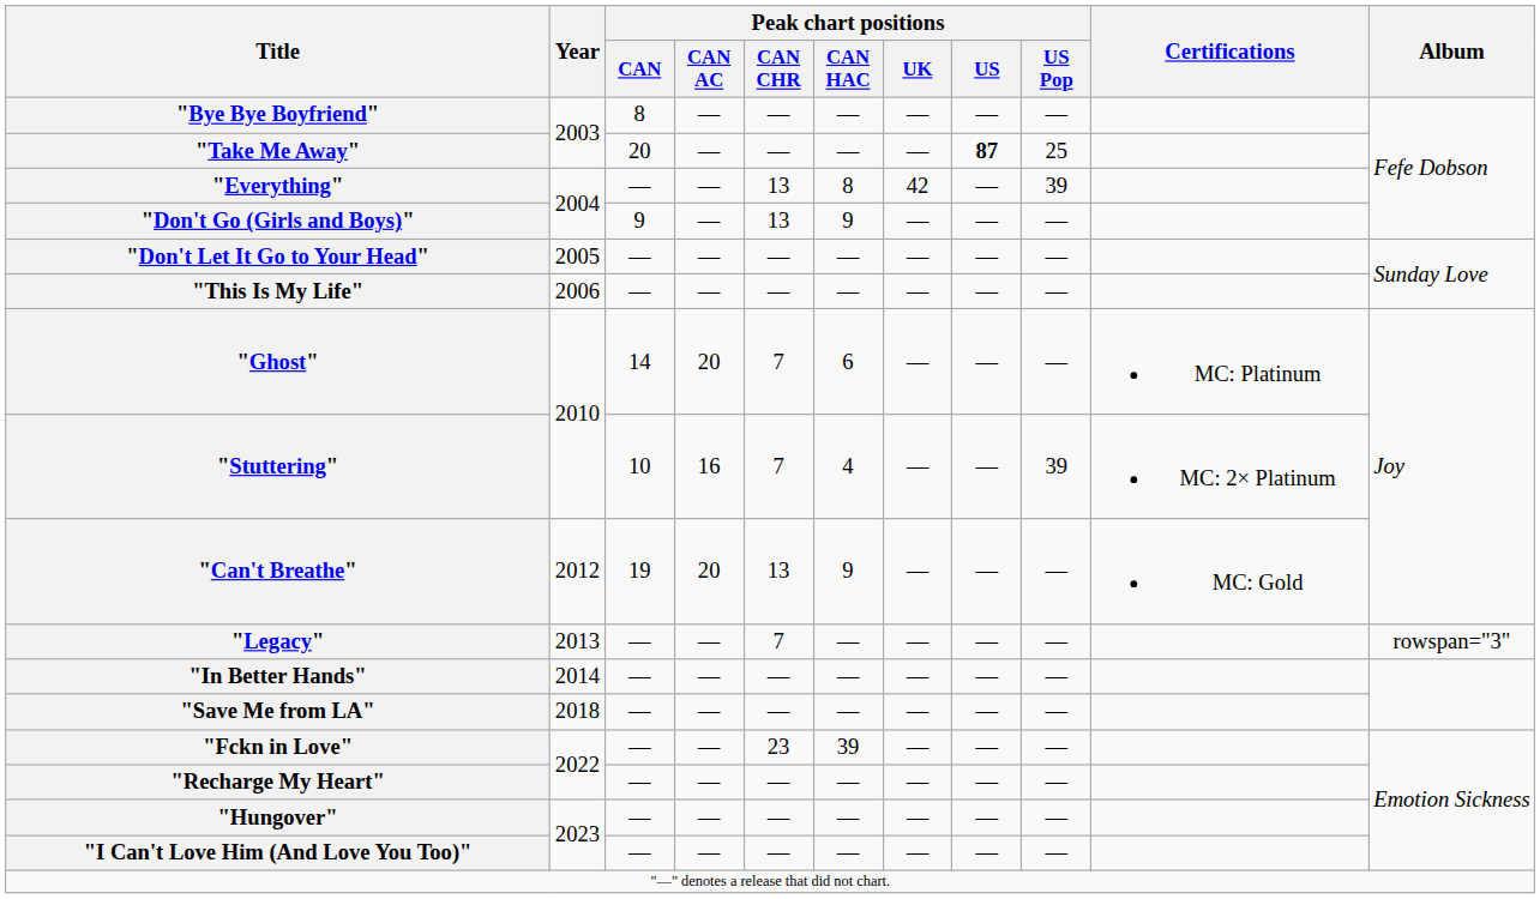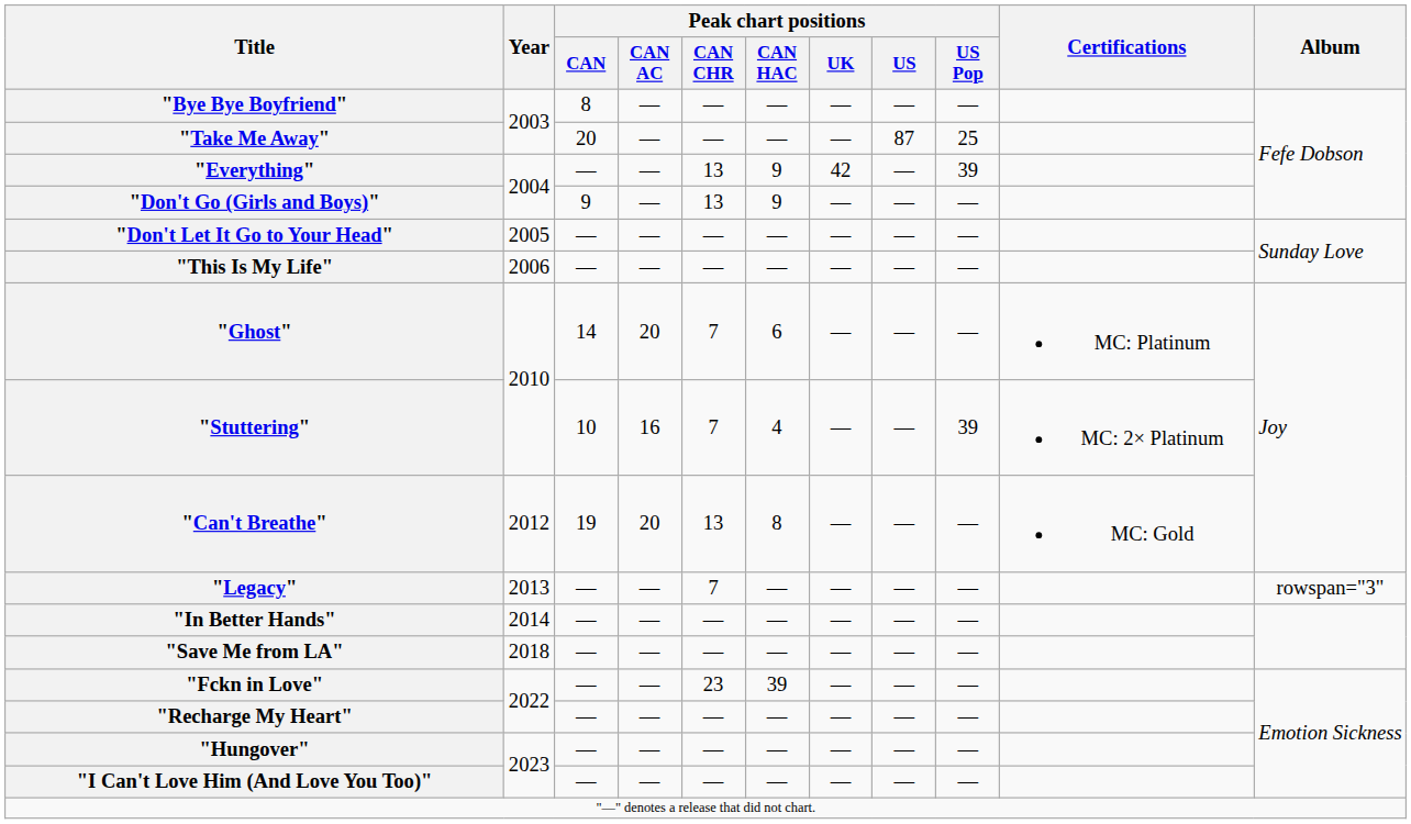 <table class="wikitable plainrowheaders" style="text-align:center;">
 <tr>
 <th scope="col" rowspan="2" style="width:24em;">Title</th>
 <th scope="col" rowspan="2">Year</th>
 <th scope="col" colspan="7">Peak chart positions</th>
 <th scope="col" rowspan="2" style="width:12em;"><a href='#'>Certifications</a></th>
 <th scope="col" rowspan="2">Album</th>
 </tr>
 <tr>
 <th style="width:3em;font-size:90%"><a href='#'>CAN</a><br></th>
 <th style="width:3em;font-size:90%"><a href='#'>CAN AC</a><br></th>
 <th style="width:3em;font-size:90%"><a href='#'>CAN CHR</a><br></th>
 <th style="width:3em;font-size:90%"><a href='#'>CAN HAC</a><br></th>
 <th style="width:3em;font-size:90%"><a href='#'>UK</a><br></th>
 <th style="width:3em;font-size:90%"><a href='#'>US</a><br></th>
 <th style="width:3em;font-size:90%"><a href='#'>US<br>Pop</a><br></th>
 </tr>
 <tr>
 <th scope="row">"<a href='#'>Bye Bye Boyfriend</a>"</th>
 <td rowspan="2">2003</td>
 <td>8</td>
 <td>—</td>
 <td>—</td>
 <td>—</td>
 <td>—</td>
 <td>—</td>
 <td>—</td>
 <td></td>
 <td rowspan="4" style="text-align:left;"><em>Fefe Dobson</em></td>
 </tr>
 <tr>
 <th scope="row">"<a href='#'>Take Me Away</a>"</th>
 <td>20</td>
 <td>—</td>
 <td>—</td>
 <td>—</td>
 <td>—</td>
-<td><strong>87</strong></td>
+<td>87</td>
 <td>25</td>
 <td></td>
 </tr>
 <tr>
 <th scope="row">"<a href='#'>Everything</a>"</th>
 <td rowspan="2">2004</td>
 <td>—</td>
 <td>—</td>
 <td>13</td>
-<td>8</td>
+<td>9</td>
 <td>42</td>
 <td>—</td>
 <td>39</td>
 <td></td>
 </tr>
 <tr>
 <th scope="row">"<a href='#'>Don't Go (Girls and Boys)</a>"</th>
 <td>9</td>
 <td>—</td>
 <td>13</td>
 <td>9</td>
 <td>—</td>
 <td>—</td>
 <td>—</td>
 <td></td>
 </tr>
 <tr>
 <th scope="row">"<a href='#'>Don't Let It Go to Your Head</a>"</th>
 <td>2005</td>
 <td>—</td>
 <td>—</td>
 <td>—</td>
 <td>—</td>
 <td>—</td>
 <td>—</td>
 <td>—</td>
 <td></td>
 <td rowspan="2" style="text-align:left;"><em>Sunday Love</em></td>
 </tr>
 <tr>
 <th scope="row">"This Is My Life"</th>
 <td>2006</td>
 <td>—</td>
 <td>—</td>
 <td>—</td>
 <td>—</td>
 <td>—</td>
 <td>—</td>
 <td>—</td>
 <td></td>
 </tr>
 <tr>
 <th scope="row">"<a href='#'>Ghost</a>"</th>
 <td rowspan="2">2010</td>
 <td>14</td>
 <td>20</td>
 <td>7</td>
 <td>6</td>
 <td>—</td>
 <td>—</td>
 <td>—</td>
 <td><br><ul><li>MC: Platinum</li></ul></td>
 <td rowspan="3" style="text-align:left;"><em>Joy</em></td>
 </tr>
 <tr>
 <th scope="row">"<a href='#'>Stuttering</a>"</th>
 <td>10</td>
 <td>16</td>
 <td>7</td>
 <td>4</td>
 <td>—</td>
 <td>—</td>
 <td>39</td>
 <td><br><ul><li>MC: 2× Platinum</li></ul></td>
 </tr>
 <tr>
 <th scope="row">"<a href='#'>Can't Breathe</a>"<br></th>
 <td>2012</td>
 <td>19</td>
 <td>20</td>
 <td>13</td>
-<td>9</td>
+<td>8</td>
 <td>—</td>
 <td>—</td>
 <td>—</td>
 <td><br><ul><li>MC: Gold</li></ul></td>
 </tr>
 <tr>
 <th scope="row">"<a href='#'>Legacy</a>"</th>
 <td>2013</td>
 <td>—</td>
 <td>—</td>
 <td>7</td>
 <td>—</td>
 <td>—</td>
 <td>—</td>
 <td>—</td>
 <td></td>
 <td>rowspan="3" </td>
 </tr>
 <tr>
 <th scope="row">"In Better Hands"</th>
 <td>2014</td>
 <td>—</td>
 <td>—</td>
 <td>—</td>
 <td>—</td>
 <td>—</td>
 <td>—</td>
 <td>—</td>
 <td></td>
 </tr>
 <tr>
 <th scope="row">"Save Me from LA"</th>
 <td>2018</td>
 <td>—</td>
 <td>—</td>
 <td>—</td>
 <td>—</td>
 <td>—</td>
 <td>—</td>
 <td>—</td>
 <td></td>
 </tr>
 <tr>
 <th scope="row">"Fckn in Love"</th>
 <td rowspan=2>2022</td>
 <td>—</td>
 <td>—</td>
 <td>23</td>
 <td>39</td>
 <td>—</td>
 <td>—</td>
 <td>—</td>
 <td></td>
 <td rowspan="4" style="text-align:left;"><em>Emotion Sickness</em></td>
 </tr>
 <tr>
 <th scope="row">"Recharge My Heart"</th>
 <td>—</td>
 <td>—</td>
 <td>—</td>
 <td>—</td>
 <td>—</td>
 <td>—</td>
 <td>—</td>
 <td></td>
 </tr>
 <tr>
 <th scope="row">"Hungover"</th>
 <td rowspan=2>2023</td>
 <td>—</td>
 <td>—</td>
 <td>—</td>
 <td>—</td>
 <td>—</td>
 <td>—</td>
 <td>—</td>
 <td></td>
 </tr>
 <tr>
 <th scope="row">"I Can't Love Him (And Love You Too)"</th>
 <td>—</td>
 <td>—</td>
 <td>—</td>
 <td>—</td>
 <td>—</td>
 <td>—</td>
 <td>—</td>
 <td></td>
 </tr>
 <tr>
 <td align="center" colspan="11" style="font-size: 8pt">"—" denotes a release that did not chart.</td>
 </tr>
 </table>
